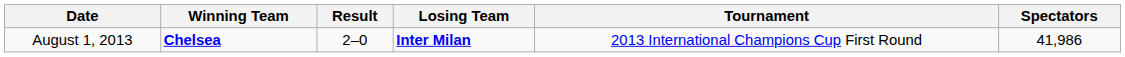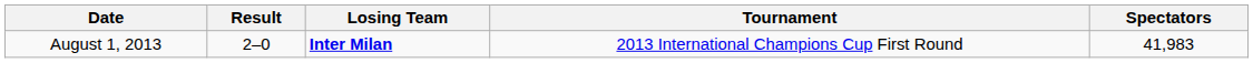 <table class="wikitable" style="text-align:left; width:95%;" style="text-align:center">
 <tr>
 <th style="text-align:center; ">Date</th>
-<th style="text-align:center; ">Winning Team</th>
 <th style="text-align:center; ">Result</th>
 <th style="text-align:center; ">Losing Team</th>
 <th style="text-align:center; ">Tournament</th>
 <th style="text-align:center; ">Spectators</th>
 </tr>
 <tr>
 <td style="text-align:center;">August 1, 2013</td>
-<td><strong> <a href='#'>Chelsea</a></strong></td>
 <td style="text-align:center;">2–0</td>
 <td><strong> <a href='#'>Inter Milan</a></strong></td>
 <td style="text-align:center;"><a href='#'>2013 International Champions Cup</a> First Round</td>
-<td style="text-align:center;">41,986</td>
+<td style="text-align:center;">41,983</td>
 </tr>
 </table>
